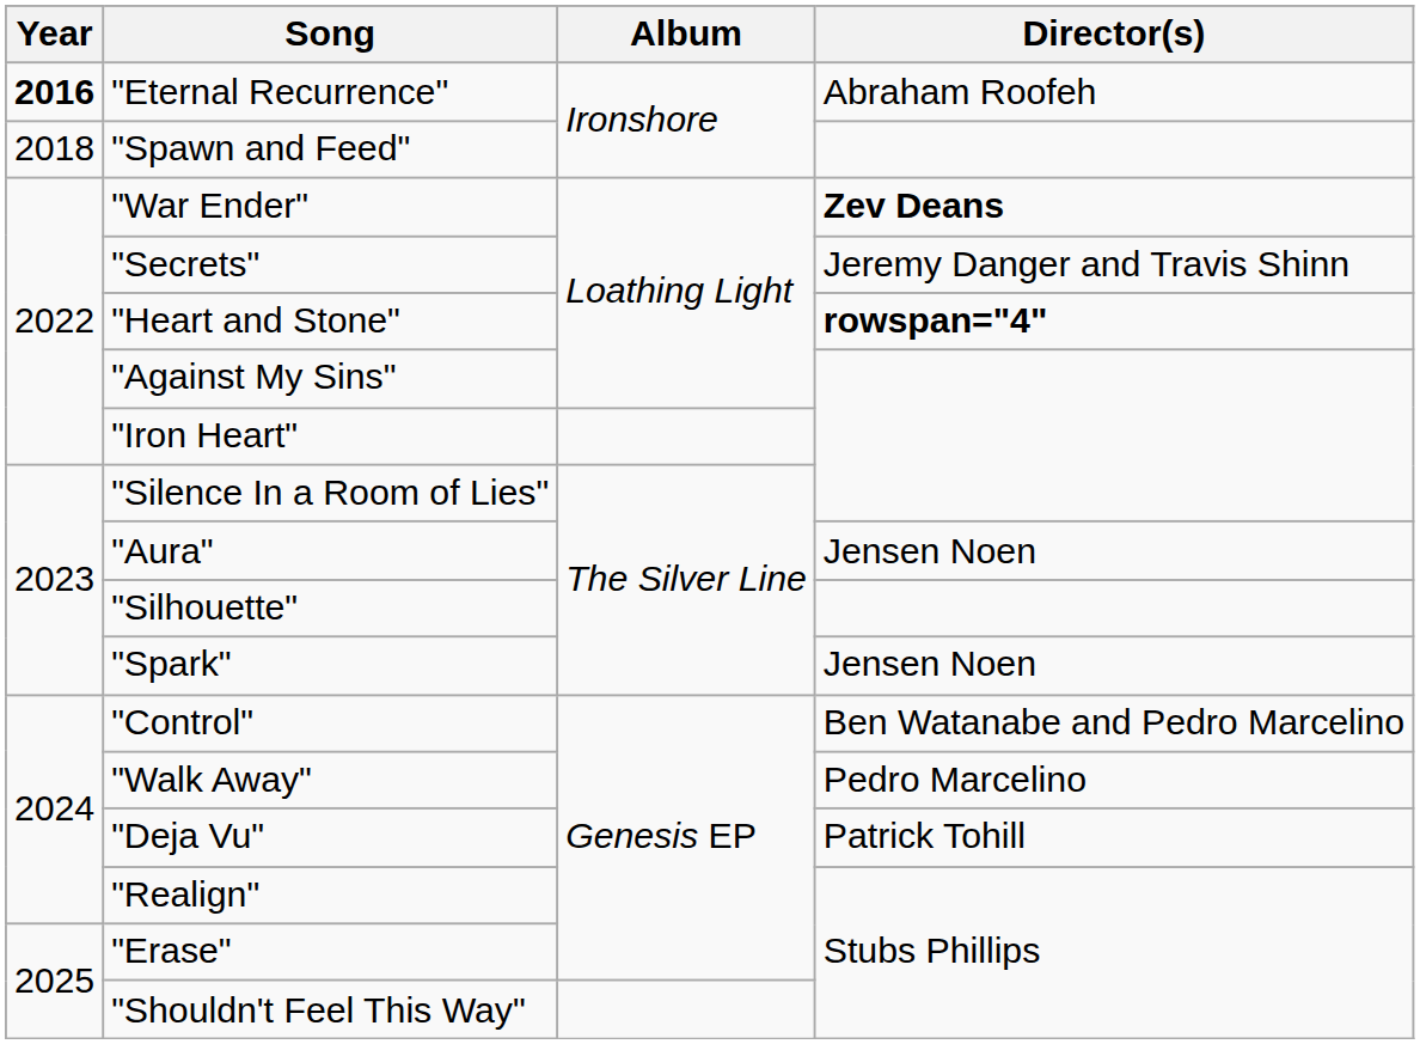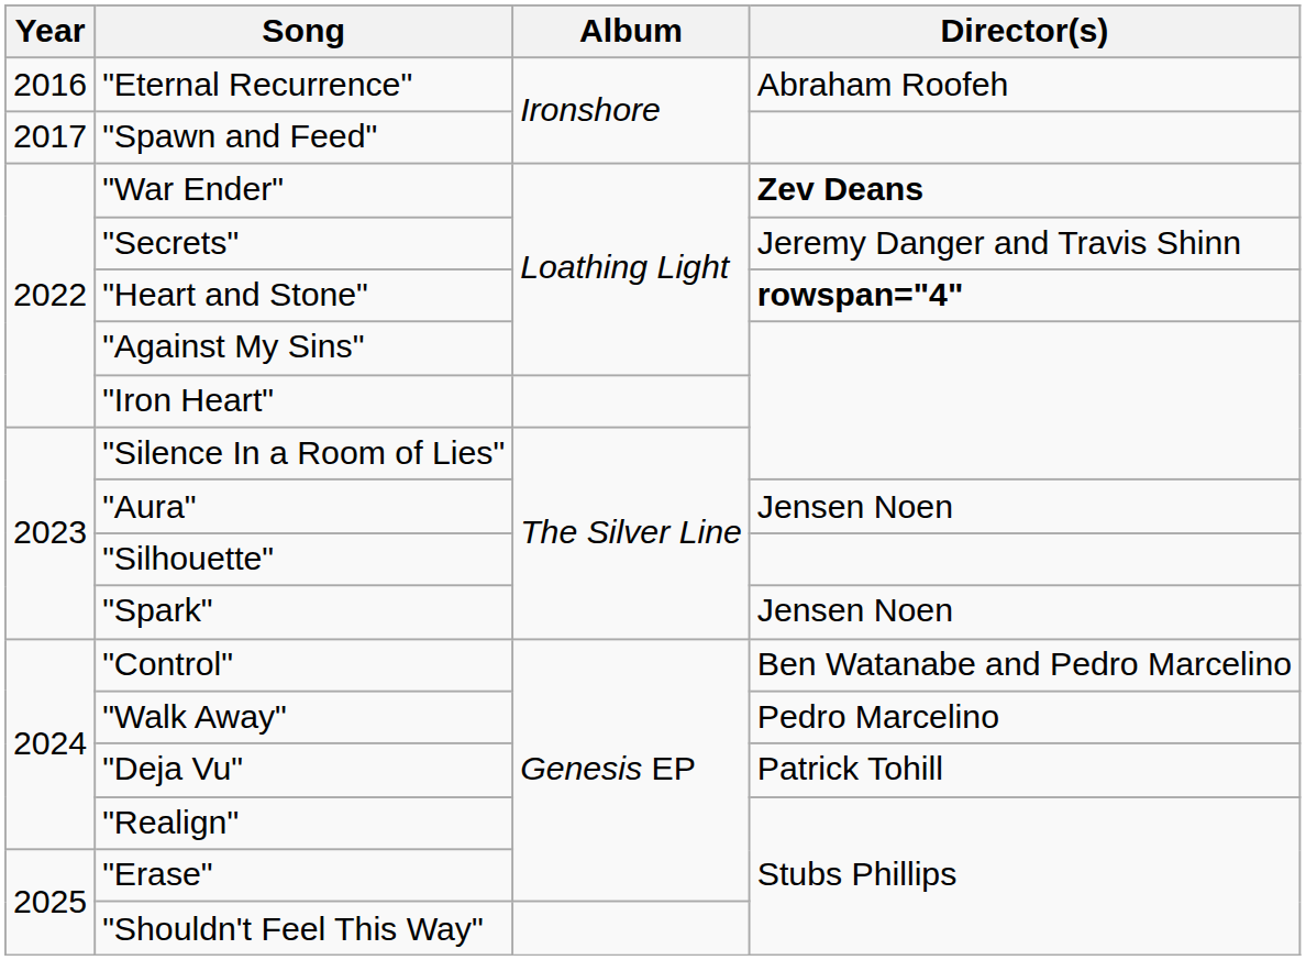 <table class="wikitable plainrowheaders">
 <tr>
 <th scope="col">Year</th>
 <th scope="col">Song</th>
 <th scope="col">Album</th>
 <th scope="col">Director(s)</th>
 </tr>
 <tr>
-<td><strong>2016</strong></td>
+<td>2016</td>
 <td>"Eternal Recurrence"</td>
 <td rowspan="2"><em>Ironshore</em></td>
 <td>Abraham Roofeh</td>
 </tr>
 <tr>
-<td>2018</td>
+<td>2017</td>
 <td>"Spawn and Feed"</td>
 <td></td>
 </tr>
 <tr>
 <td rowspan="5">2022</td>
 <td>"War Ender"</td>
 <td rowspan="4"><em>Loathing Light</em></td>
 <td><strong>Zev Deans</strong></td>
 </tr>
 <tr>
 <td>"Secrets"</td>
 <td>Jeremy Danger and Travis Shinn</td>
 </tr>
 <tr>
 <td>"Heart and Stone"</td>
 <td><strong>rowspan="4" </strong></td>
 </tr>
 <tr>
 <td>"Against My Sins"</td>
 </tr>
 <tr>
 <td>"Iron Heart"</td>
 <td></td>
 </tr>
 <tr>
 <td rowspan="4">2023</td>
 <td>"Silence In a Room of Lies"</td>
 <td rowspan="4"><em>The Silver Line</em></td>
 </tr>
 <tr>
 <td>"Aura"</td>
 <td>Jensen Noen</td>
 </tr>
 <tr>
 <td>"Silhouette"</td>
 <td></td>
 </tr>
 <tr>
 <td>"Spark"</td>
 <td>Jensen Noen</td>
 </tr>
 <tr>
 <td rowspan="4">2024</td>
 <td>"Control"</td>
 <td rowspan="5"><em>Genesis</em> EP</td>
 <td>Ben Watanabe and Pedro Marcelino</td>
 </tr>
 <tr>
 <td>"Walk Away"</td>
 <td>Pedro Marcelino</td>
 </tr>
 <tr>
 <td>"Deja Vu"</td>
 <td>Patrick Tohill</td>
 </tr>
 <tr>
 <td>"Realign"</td>
 <td rowspan="3">Stubs Phillips</td>
 </tr>
 <tr>
 <td rowspan="2">2025</td>
 <td>"Erase"</td>
 </tr>
 <tr>
 <td>"Shouldn't Feel This Way"</td>
 </tr>
 <tr>
 </tr>
 </table>
